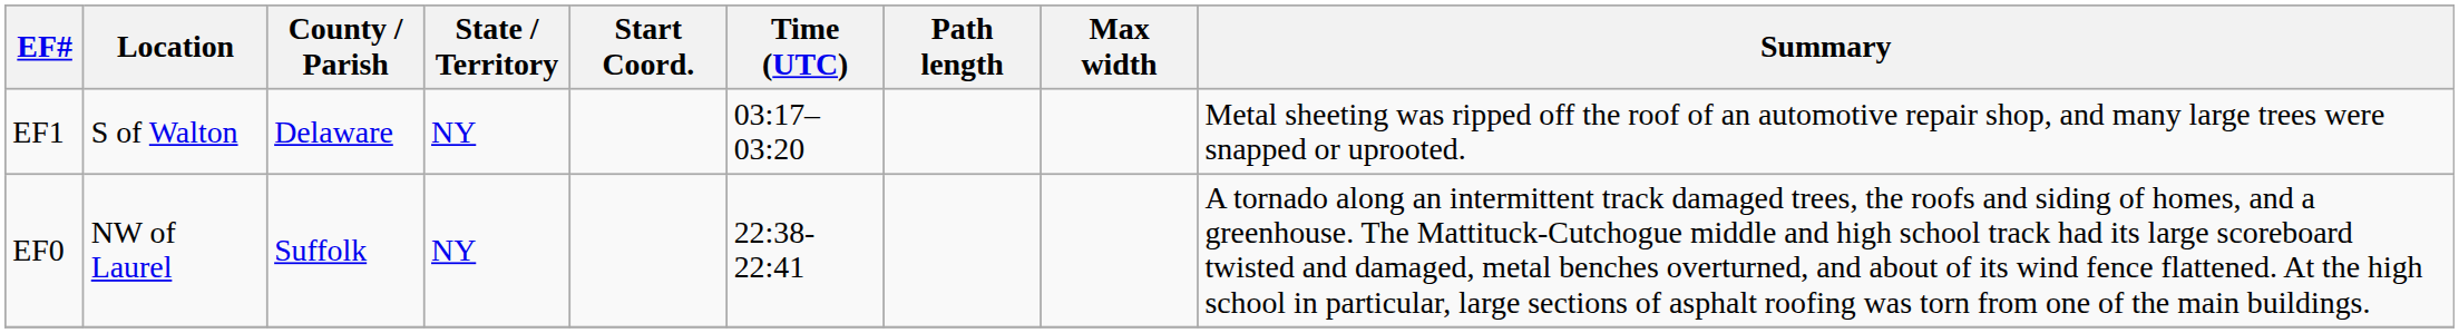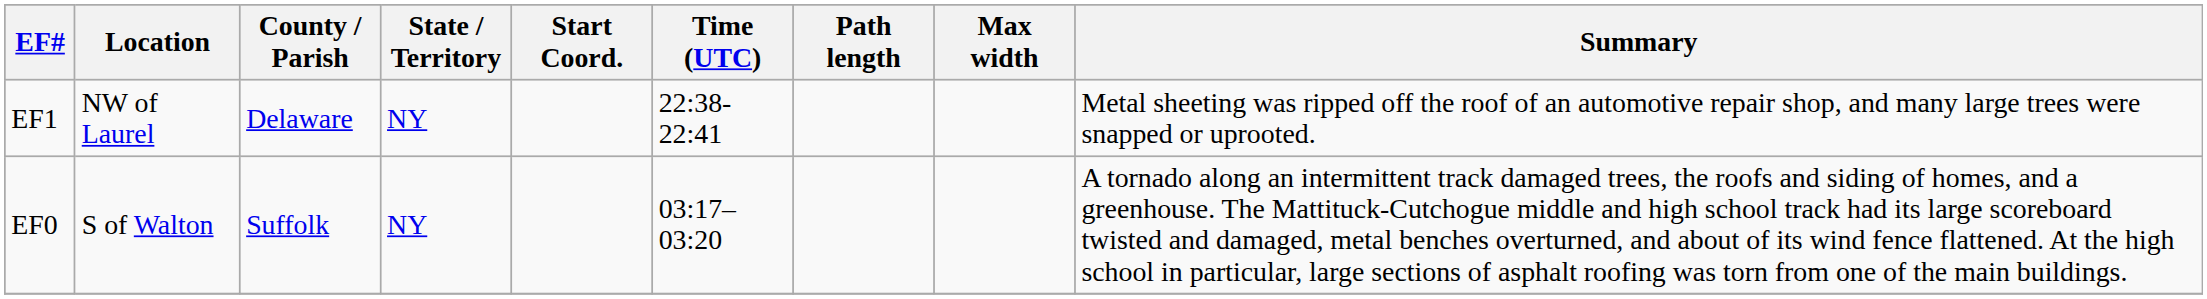 <table class="wikitable sortable" style="width:100%;">
 <tr>
 <th scope="col"  style="width:3%; text-align:center;"><a href='#'>EF#</a></th>
 <th scope="col"  style="width:7%; text-align:center;" class="unsortable">Location</th>
 <th scope="col"  style="width:6%; text-align:center;" class="unsortable">County / Parish</th>
 <th scope="col"  style="width:5%; text-align:center;">State / Territory</th>
 <th scope="col"  style="width:6%; text-align:center;">Start Coord.</th>
 <th scope="col"  style="width:6%; text-align:center;">Time (<a href='#'>UTC</a>)</th>
 <th scope="col"  style="width:6%; text-align:center;">Path length</th>
 <th scope="col"  style="width:6%; text-align:center;">Max width</th>
 <th scope="col" class="unsortable" style="width:48%; text-align:center;">Summary</th>
 </tr>
 <tr>
 <td>EF1</td>
-<td>S of <a href='#'>Walton</a></td>
+<td>NW of <a href='#'>Laurel</a></td>
 <td><a href='#'>Delaware</a></td>
 <td><a href='#'>NY</a></td>
 <td></td>
-<td>03:17–03:20</td>
+<td>22:38-22:41</td>
 <td></td>
 <td></td>
 <td>Metal sheeting was ripped off the roof of an automotive repair shop, and many large trees were snapped or uprooted.</td>
 </tr>
 <tr>
 <td>EF0</td>
-<td>NW of <a href='#'>Laurel</a></td>
+<td>S of <a href='#'>Walton</a></td>
 <td><a href='#'>Suffolk</a></td>
 <td><a href='#'>NY</a></td>
 <td></td>
-<td>22:38-22:41</td>
+<td>03:17–03:20</td>
 <td></td>
 <td></td>
 <td>A tornado along an intermittent track damaged trees, the roofs and siding of homes, and a greenhouse. The Mattituck-Cutchogue middle and high school track had its large scoreboard twisted and damaged, metal benches overturned, and about  of its wind fence flattened. At the high school in particular, large sections of asphalt roofing was torn from one of the main buildings.</td>
 </tr>
 <tr>
 </tr>
 </table>
